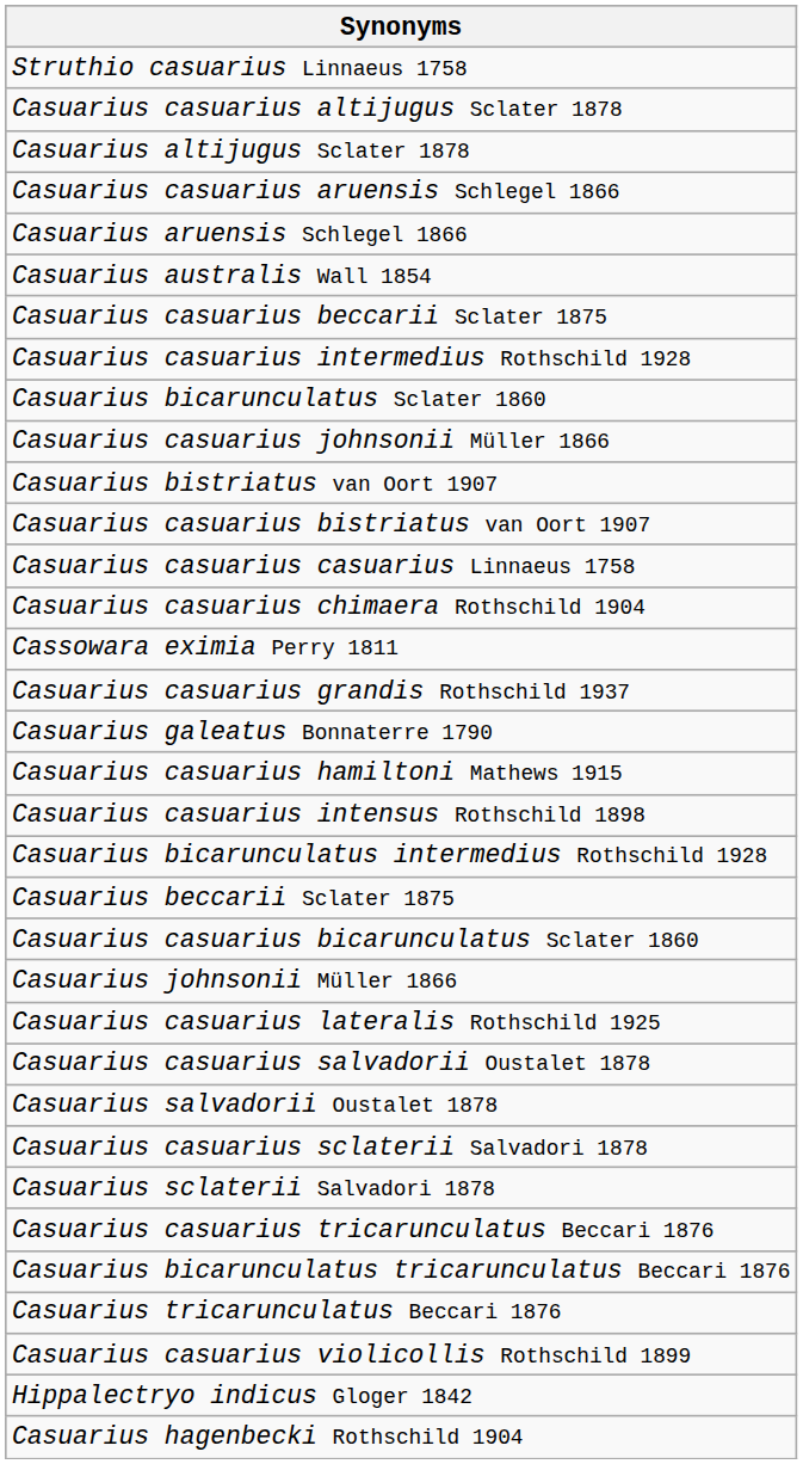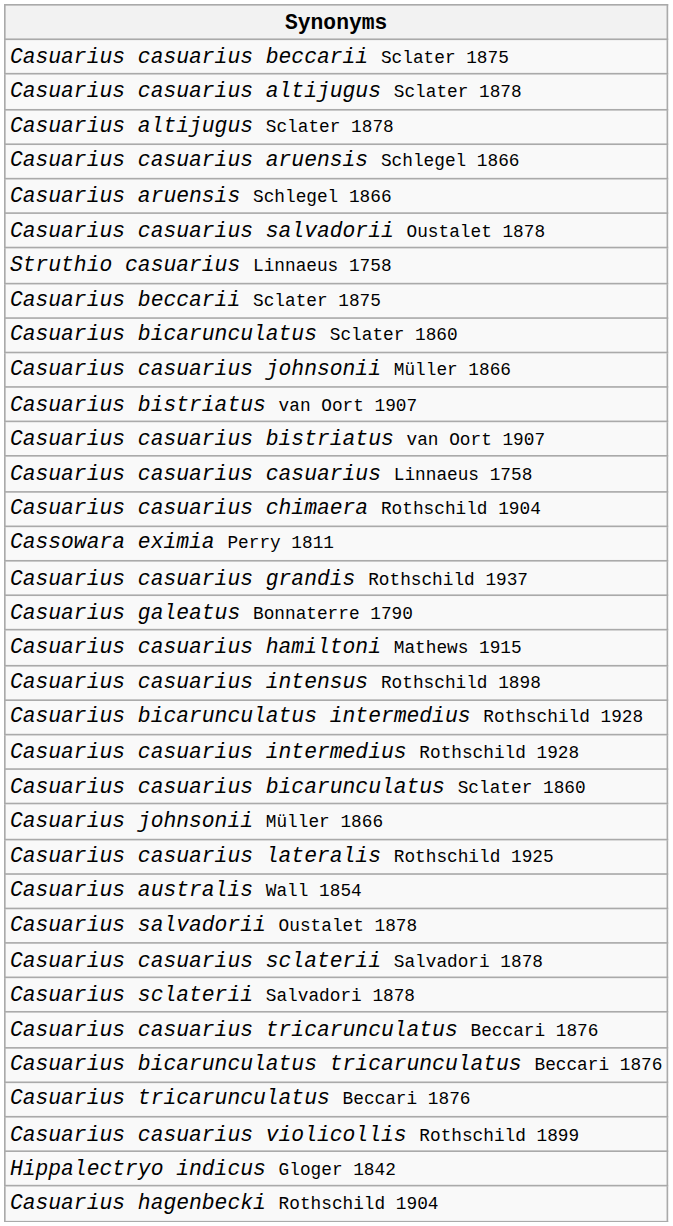 <table class="wikitable collapsible collapsed">
 <tr>
 <th>Synonyms</th>
 </tr>
 <tr>
-<td><em>Struthio casuarius</em> <small>Linnaeus 1758</small></td>
+<td><em>Casuarius casuarius beccarii</em> <small>Sclater 1875</small></td>
 </tr>
 <tr>
 <td><em>Casuarius casuarius altijugus</em> <small>Sclater 1878</small></td>
 </tr>
 <tr>
 <td><em>Casuarius altijugus</em> <small>Sclater 1878</small></td>
 </tr>
 <tr>
 <td><em>Casuarius casuarius aruensis</em> <small>Schlegel 1866</small></td>
 </tr>
 <tr>
 <td><em>Casuarius aruensis</em> <small>Schlegel 1866</small></td>
 </tr>
 <tr>
-<td><em>Casuarius australis</em> <small>Wall 1854</small></td>
+<td><em>Casuarius casuarius salvadorii</em> <small>Oustalet 1878</small></td>
 </tr>
 <tr>
-<td><em>Casuarius casuarius beccarii</em> <small>Sclater 1875</small></td>
+<td><em>Struthio casuarius</em> <small>Linnaeus 1758</small></td>
 </tr>
 <tr>
-<td><em>Casuarius casuarius intermedius</em> <small>Rothschild 1928</small></td>
+<td><em>Casuarius beccarii</em> <small>Sclater 1875</small></td>
 </tr>
 <tr>
 <td><em>Casuarius bicarunculatus</em> <small>Sclater 1860</small></td>
 </tr>
 <tr>
 <td><em>Casuarius casuarius johnsonii</em> <small>Müller 1866</small></td>
 </tr>
 <tr>
 <td><em>Casuarius bistriatus</em> <small>van Oort 1907</small></td>
 </tr>
 <tr>
 <td><em>Casuarius casuarius bistriatus</em> <small>van Oort 1907</small></td>
 </tr>
 <tr>
 <td><em>Casuarius casuarius casuarius</em> <small>Linnaeus 1758</small></td>
 </tr>
 <tr>
 <td><em>Casuarius casuarius chimaera</em> <small>Rothschild 1904</small></td>
 </tr>
 <tr>
 <td><em>Cassowara eximia</em> <small>Perry 1811</small></td>
 </tr>
 <tr>
 <td><em>Casuarius casuarius grandis</em> <small>Rothschild 1937</small></td>
 </tr>
 <tr>
 <td><em>Casuarius galeatus</em> <small>Bonnaterre 1790</small></td>
 </tr>
 <tr>
 <td><em>Casuarius casuarius hamiltoni</em> <small>Mathews 1915</small></td>
 </tr>
 <tr>
 <td><em>Casuarius casuarius intensus</em> <small>Rothschild 1898</small></td>
 </tr>
 <tr>
 <td><em>Casuarius bicarunculatus intermedius</em> <small>Rothschild 1928</small></td>
 </tr>
 <tr>
-<td><em>Casuarius beccarii</em> <small>Sclater 1875</small></td>
+<td><em>Casuarius casuarius intermedius</em> <small>Rothschild 1928</small></td>
 </tr>
 <tr>
 <td><em>Casuarius casuarius bicarunculatus</em> <small>Sclater 1860</small></td>
 </tr>
 <tr>
 <td><em>Casuarius johnsonii</em> <small>Müller 1866</small></td>
 </tr>
 <tr>
 <td><em>Casuarius casuarius lateralis</em> <small>Rothschild 1925</small></td>
 </tr>
 <tr>
-<td><em>Casuarius casuarius salvadorii</em> <small>Oustalet 1878</small></td>
+<td><em>Casuarius australis</em> <small>Wall 1854</small></td>
 </tr>
 <tr>
 <td><em>Casuarius salvadorii</em> <small>Oustalet 1878</small></td>
 </tr>
 <tr>
 <td><em>Casuarius casuarius sclaterii</em> <small>Salvadori 1878</small></td>
 </tr>
 <tr>
 <td><em>Casuarius sclaterii</em> <small>Salvadori 1878</small></td>
 </tr>
 <tr>
 <td><em>Casuarius casuarius tricarunculatus</em> <small>Beccari 1876</small></td>
 </tr>
 <tr>
 <td><em>Casuarius bicarunculatus tricarunculatus</em> <small>Beccari 1876</small></td>
 </tr>
 <tr>
 <td><em>Casuarius tricarunculatus</em> <small>Beccari 1876</small></td>
 </tr>
 <tr>
 <td><em>Casuarius casuarius violicollis</em> <small>Rothschild 1899</small></td>
 </tr>
 <tr>
 <td><em>Hippalectryo indicus</em> <small>Gloger 1842</small></td>
 </tr>
 <tr>
 <td><em>Casuarius hagenbecki</em> <small>Rothschild 1904</small></td>
 </tr>
 </table>
